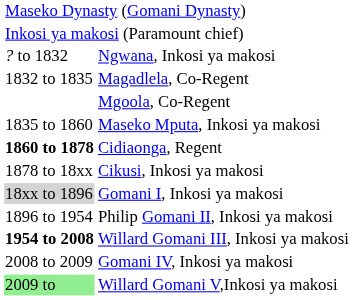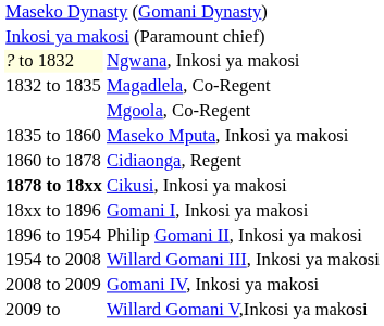 <table>
 <tr>
 <td colspan="3"><a href='#'>Maseko Dynasty</a> (<a href='#'>Gomani Dynasty</a>)</td>
 </tr>
 <tr>
 <td colspan="3"><a href='#'>Inkosi ya makosi</a> (Paramount chief)</td>
 </tr>
 <tr>
-<td><em>?</em> to 1832</td>
+<td style="background: lightyellow;"><em>?</em> to 1832</td>
 <td><a href='#'>Ngwana</a>, Inkosi ya makosi</td>
 </tr>
 <tr>
 <td valign=top rowspan="2">1832 to 1835</td>
 <td><a href='#'>Magadlela</a>, Co-Regent</td>
 </tr>
 <tr>
 <td><a href='#'>Mgoola</a>, Co-Regent</td>
 </tr>
 <tr>
 <td>1835 to 1860</td>
 <td><a href='#'>Maseko Mputa</a>, Inkosi ya makosi</td>
 </tr>
 <tr>
-<td><strong>1860 to 1878</strong></td>
+<td>1860 to 1878</td>
 <td><a href='#'>Cidiaonga</a>, Regent</td>
 </tr>
 <tr>
-<td>1878 to 18xx</td>
+<td><strong>1878 to 18xx</strong></td>
 <td><a href='#'>Cikusi</a>, Inkosi ya makosi</td>
 </tr>
 <tr>
-<td style="background: lightgrey;">18xx to 1896</td>
+<td>18xx to 1896</td>
 <td><a href='#'>Gomani I</a>, Inkosi ya makosi</td>
 </tr>
 <tr>
 <td>1896 to 1954</td>
 <td>Philip <a href='#'>Gomani II</a>, Inkosi ya makosi</td>
 </tr>
 <tr>
-<td><strong>1954 to 2008</strong></td>
+<td>1954 to 2008</td>
 <td><a href='#'>Willard Gomani III</a>, Inkosi ya makosi</td>
 </tr>
 <tr>
 <td>2008 to 2009</td>
 <td><a href='#'>Gomani IV</a>, Inkosi ya makosi</td>
 </tr>
 <tr>
-<td style="background: lightgreen;">2009 to</td>
+<td>2009 to</td>
 <td><a href='#'>Willard Gomani V</a>,Inkosi ya makosi</td>
 </tr>
 </table>
